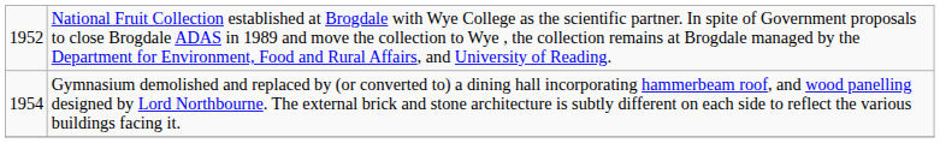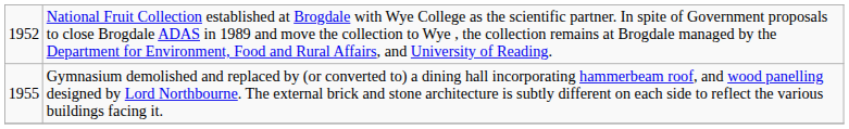 <table class="wikitable">
 <tr>
 <td>1952</td>
 <td><a href='#'>National Fruit Collection</a> established at <a href='#'>Brogdale</a> with Wye College as the scientific partner. In spite of Government proposals to close Brogdale <a href='#'>ADAS</a> in 1989 and move the collection to Wye , the collection remains at Brogdale  managed by the <a href='#'>Department for Environment, Food and Rural Affairs</a>, and <a href='#'>University of Reading</a>.</td>
 </tr>
 <tr>
-<td>1954</td>
+<td>1955</td>
 <td>Gymnasium demolished and replaced by (or converted to) a dining hall incorporating <a href='#'>hammerbeam roof</a>, and <a href='#'>wood panelling</a> designed by <a href='#'>Lord Northbourne</a>. The external brick and stone architecture is subtly different on each side to reflect the various buildings facing it.</td>
 </tr>
 <tr>
 </tr>
 </table>
